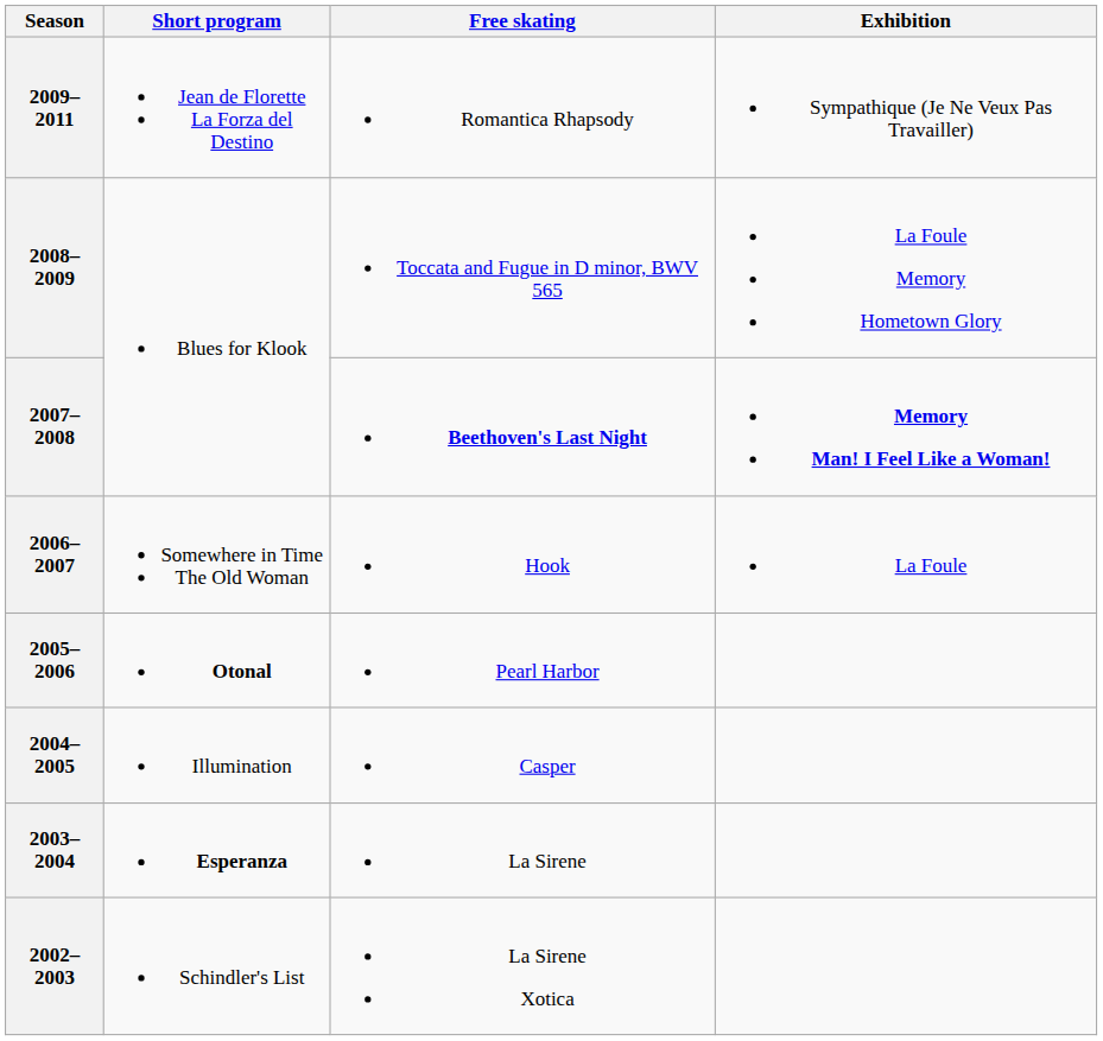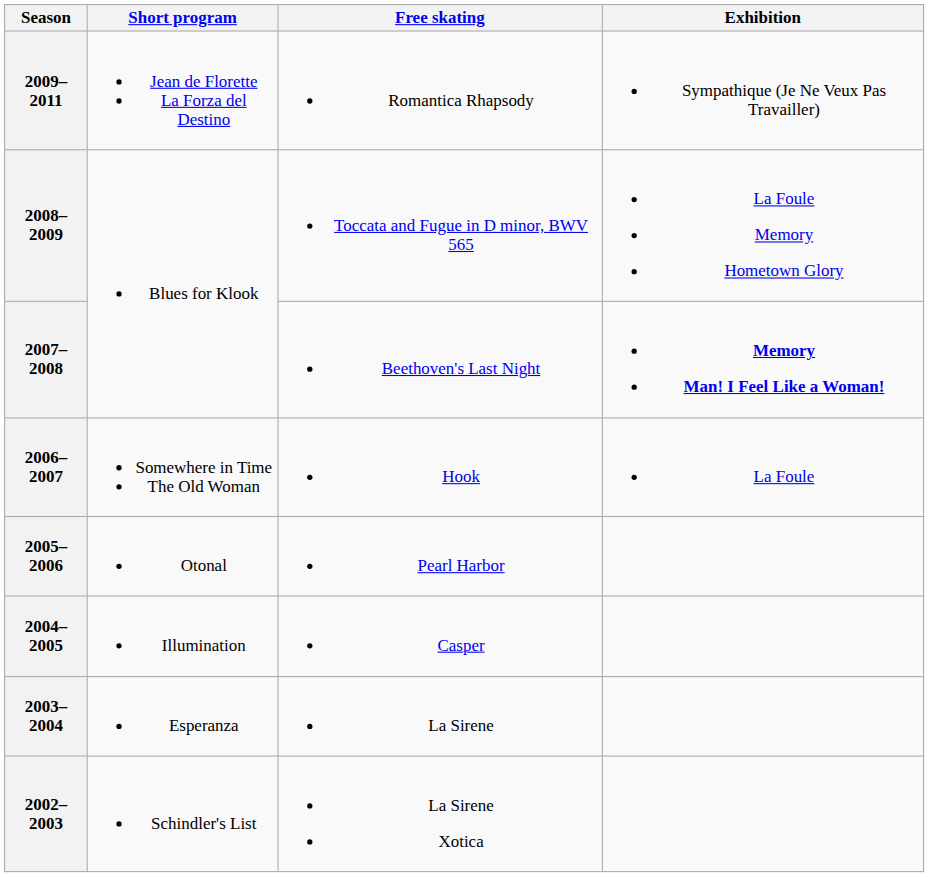 <table class=wikitable style=text-align:center>
 <tr>
 <th>Season</th>
 <th><a href='#'>Short program</a></th>
 <th><a href='#'>Free skating</a></th>
 <th>Exhibition</th>
 </tr>
 <tr>
 <th>2009–2011 <br> </th>
 <td><br><ul><li><a href='#'>Jean de Florette</a> <br></li><li><a href='#'>La Forza del Destino</a> <br></li></ul></td>
 <td><br><ul><li>Romantica Rhapsody <br></li></ul></td>
 <td><br><ul><li>Sympathique (Je Ne Veux Pas Travailler) <br></li></ul></td>
 </tr>
 <tr>
 <th>2008–2009 <br> </th>
 <td rowspan=2><br><ul><li>Blues for Klook <br></li></ul></td>
 <td><br><ul><li><a href='#'>Toccata and Fugue in D minor, BWV 565</a> <br></li></ul></td>
 <td><br><ul><li><a href='#'>La Foule</a> <br></li></ul><ul><li><a href='#'>Memory</a> <br></li></ul><ul><li><a href='#'>Hometown Glory</a> <br></li></ul></td>
 </tr>
 <tr>
 <th>2007–2008 <br> </th>
-<td><strong><br><ul><li><a href='#'>Beethoven's Last Night</a> <br></li></ul></strong></td>
+<td><br><ul><li><a href='#'>Beethoven's Last Night</a> <br></li></ul></td>
 <td><strong><br><ul><li><a href='#'>Memory</a> <br></li></ul><ul><li><a href='#'>Man! I Feel Like a Woman!</a> <br></li></ul></strong></td>
 </tr>
 <tr>
 <th>2006–2007 <br> </th>
 <td><br><ul><li>Somewhere in Time <br></li><li>The Old Woman <br></li></ul></td>
 <td><br><ul><li><a href='#'>Hook</a> <br></li></ul></td>
 <td><br><ul><li><a href='#'>La Foule</a> <br></li></ul></td>
 </tr>
 <tr>
 <th>2005–2006 <br> </th>
-<td><strong><br><ul><li>Otonal <br></li></ul></strong></td>
+<td><br><ul><li>Otonal <br></li></ul></td>
 <td><br><ul><li><a href='#'>Pearl Harbor</a> <br></li></ul></td>
 <td></td>
 </tr>
 <tr>
 <th>2004–2005 <br> </th>
 <td><br><ul><li>Illumination <br></li></ul></td>
 <td><br><ul><li><a href='#'>Casper</a> <br></li></ul></td>
 <td></td>
 </tr>
 <tr>
 <th>2003–2004 <br> </th>
-<td><strong><br><ul><li>Esperanza <br></li></ul></strong></td>
+<td><br><ul><li>Esperanza <br></li></ul></td>
 <td><br><ul><li>La Sirene <br></li></ul></td>
 <td></td>
 </tr>
 <tr>
 <th>2002–2003 <br> </th>
 <td><br><ul><li>Schindler's List <br></li></ul></td>
 <td><br><ul><li>La Sirene <br></li></ul><ul><li>Xotica <br></li></ul></td>
 <td></td>
 </tr>
 </table>
